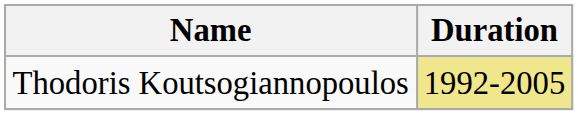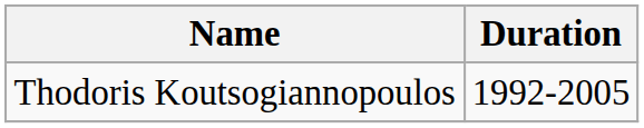 <table class="wikitable">
 <tr>
 <th>Name</th>
 <th>Duration</th>
 </tr>
 <tr>
 <td>Thodoris Koutsogiannopoulos</td>
-<td style="background: khaki;">1992-2005</td>
+<td>1992-2005</td>
 </tr>
 <tr>
 </tr>
 </table>
